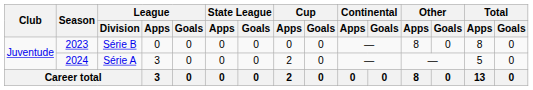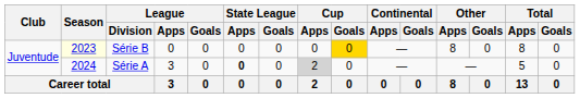 <table class="wikitable" style="text-align: center;">
 <tr>
 <th rowspan="2">Club</th>
 <th rowspan="2">Season</th>
 <th colspan="3">League</th>
 <th colspan="2">State League</th>
 <th colspan="2">Cup</th>
 <th colspan="2">Continental</th>
 <th colspan="2">Other</th>
 <th colspan="2">Total</th>
 </tr>
 <tr>
 <th>Division</th>
 <th>Apps</th>
 <th>Goals</th>
 <th>Apps</th>
 <th>Goals</th>
 <th>Apps</th>
 <th>Goals</th>
 <th>Apps</th>
 <th>Goals</th>
 <th>Apps</th>
 <th>Goals</th>
 <th>Apps</th>
 <th>Goals</th>
 </tr>
 <tr>
 <td rowspan=2><a href='#'>Juventude</a></td>
-<td><a href='#'>2023</a></td>
+<td style="background: lightyellow;"><a href='#'>2023</a></td>
 <td><a href='#'>Série B</a></td>
 <td>0</td>
 <td>0</td>
 <td>0</td>
 <td>0</td>
 <td>0</td>
-<td>0</td>
+<td style="background: gold;">0</td>
 <td colspan=2>—</td>
 <td>8</td>
 <td>0</td>
 <td>8</td>
 <td>0</td>
 </tr>
 <tr>
 <td><a href='#'>2024</a></td>
 <td><a href='#'>Série A</a></td>
 <td>3</td>
 <td>0</td>
+<td><strong>0</strong></td>
 <td>0</td>
-<td>0</td>
-<td>2</td>
+<td style="background: lightgrey;">2</td>
 <td>0</td>
 <td colspan=2>—</td>
 <td colspan=2>—</td>
 <td>5</td>
 <td>0</td>
 </tr>
 <tr>
 <th colspan=3><strong>Career total</strong></th>
 <th>3</th>
 <th>0</th>
 <th>0</th>
 <th>0</th>
 <th>2</th>
 <th>0</th>
 <th>0</th>
 <th>0</th>
 <th>8</th>
 <th>0</th>
 <th>13</th>
 <th>0</th>
 </tr>
 </table>
